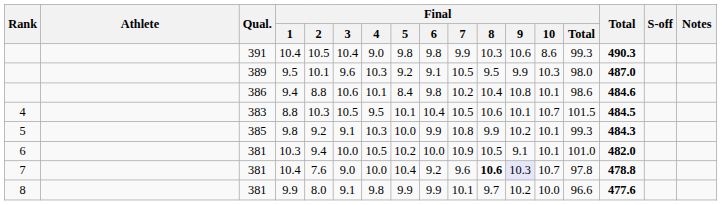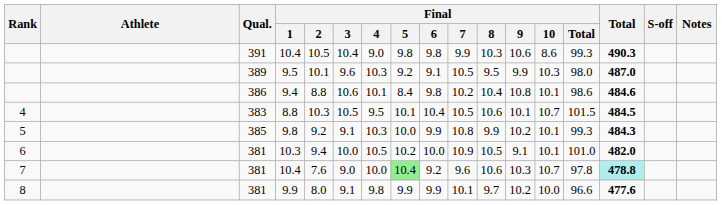 <table class="wikitable" style="text-align:center">
 <tr>
 <th rowspan=2 width=40>Rank</th>
 <th rowspan=2 width=250>Athlete</th>
 <th rowspan=2 width=40>Qual.</th>
 <th colspan=11>Final</th>
 <th rowspan=2 width=50>Total</th>
 <th rowspan=2 width=35>S-off</th>
 <th rowspan=2 width=45>Notes</th>
 </tr>
 <tr>
 <th width=30>1</th>
 <th width=30>2</th>
 <th width=30>3</th>
 <th width=30>4</th>
 <th width=30>5</th>
 <th width=30>6</th>
 <th width=30>7</th>
 <th width=30>8</th>
 <th width=30>9</th>
 <th width=30>10</th>
 <th width=40>Total</th>
 </tr>
 <tr>
 <td></td>
 <td align=left></td>
 <td>391</td>
 <td>10.4</td>
 <td>10.5</td>
 <td>10.4</td>
 <td>9.0</td>
 <td>9.8</td>
 <td>9.8</td>
 <td>9.9</td>
 <td>10.3</td>
 <td>10.6</td>
 <td>8.6</td>
 <td>99.3</td>
 <td><strong>490.3</strong></td>
 <td></td>
 <td></td>
 </tr>
 <tr>
 <td></td>
 <td align=left></td>
 <td>389</td>
 <td>9.5</td>
 <td>10.1</td>
 <td>9.6</td>
 <td>10.3</td>
 <td>9.2</td>
 <td>9.1</td>
 <td>10.5</td>
 <td>9.5</td>
 <td>9.9</td>
 <td>10.3</td>
 <td>98.0</td>
 <td><strong>487.0</strong></td>
 <td></td>
 <td></td>
 </tr>
 <tr>
 <td></td>
 <td align=left></td>
 <td>386</td>
 <td>9.4</td>
 <td>8.8</td>
 <td>10.6</td>
 <td>10.1</td>
 <td>8.4</td>
 <td>9.8</td>
 <td>10.2</td>
 <td>10.4</td>
 <td>10.8</td>
 <td>10.1</td>
 <td>98.6</td>
 <td><strong>484.6</strong></td>
 <td></td>
 <td></td>
 </tr>
 <tr>
 <td>4</td>
 <td align=left></td>
 <td>383</td>
 <td>8.8</td>
 <td>10.3</td>
 <td>10.5</td>
 <td>9.5</td>
 <td>10.1</td>
 <td>10.4</td>
 <td>10.5</td>
 <td>10.6</td>
 <td>10.1</td>
 <td>10.7</td>
 <td>101.5</td>
 <td><strong>484.5</strong></td>
 <td></td>
 <td></td>
 </tr>
 <tr>
 <td>5</td>
 <td align=left></td>
 <td>385</td>
 <td>9.8</td>
 <td>9.2</td>
 <td>9.1</td>
 <td>10.3</td>
 <td>10.0</td>
 <td>9.9</td>
 <td>10.8</td>
 <td>9.9</td>
 <td>10.2</td>
 <td>10.1</td>
 <td>99.3</td>
 <td><strong>484.3</strong></td>
 <td></td>
 <td></td>
 </tr>
 <tr>
 <td>6</td>
 <td align=left></td>
 <td>381</td>
 <td>10.3</td>
 <td>9.4</td>
 <td>10.0</td>
 <td>10.5</td>
 <td>10.2</td>
 <td>10.0</td>
 <td>10.9</td>
 <td>10.5</td>
 <td>9.1</td>
 <td>10.1</td>
 <td>101.0</td>
 <td><strong>482.0</strong></td>
 <td></td>
 <td></td>
 </tr>
 <tr>
 <td>7</td>
 <td align=left></td>
 <td>381</td>
 <td>10.4</td>
 <td>7.6</td>
 <td>9.0</td>
 <td>10.0</td>
-<td>10.4</td>
+<td style="background: lightgreen;">10.4</td>
 <td>9.2</td>
 <td>9.6</td>
-<td><strong>10.6</strong></td>
-<td style="background: lavender;">10.3</td>
+<td>10.6</td>
+<td>10.3</td>
 <td>10.7</td>
 <td>97.8</td>
-<td><strong>478.8</strong></td>
+<td style="background: paleturquoise;"><strong>478.8</strong></td>
 <td></td>
 <td></td>
 </tr>
 <tr>
 <td>8</td>
 <td align=left></td>
 <td>381</td>
 <td>9.9</td>
 <td>8.0</td>
 <td>9.1</td>
 <td>9.8</td>
 <td>9.9</td>
 <td>9.9</td>
 <td>10.1</td>
 <td>9.7</td>
 <td>10.2</td>
 <td>10.0</td>
 <td>96.6</td>
 <td><strong>477.6</strong></td>
 <td></td>
 <td></td>
 </tr>
 </table>
